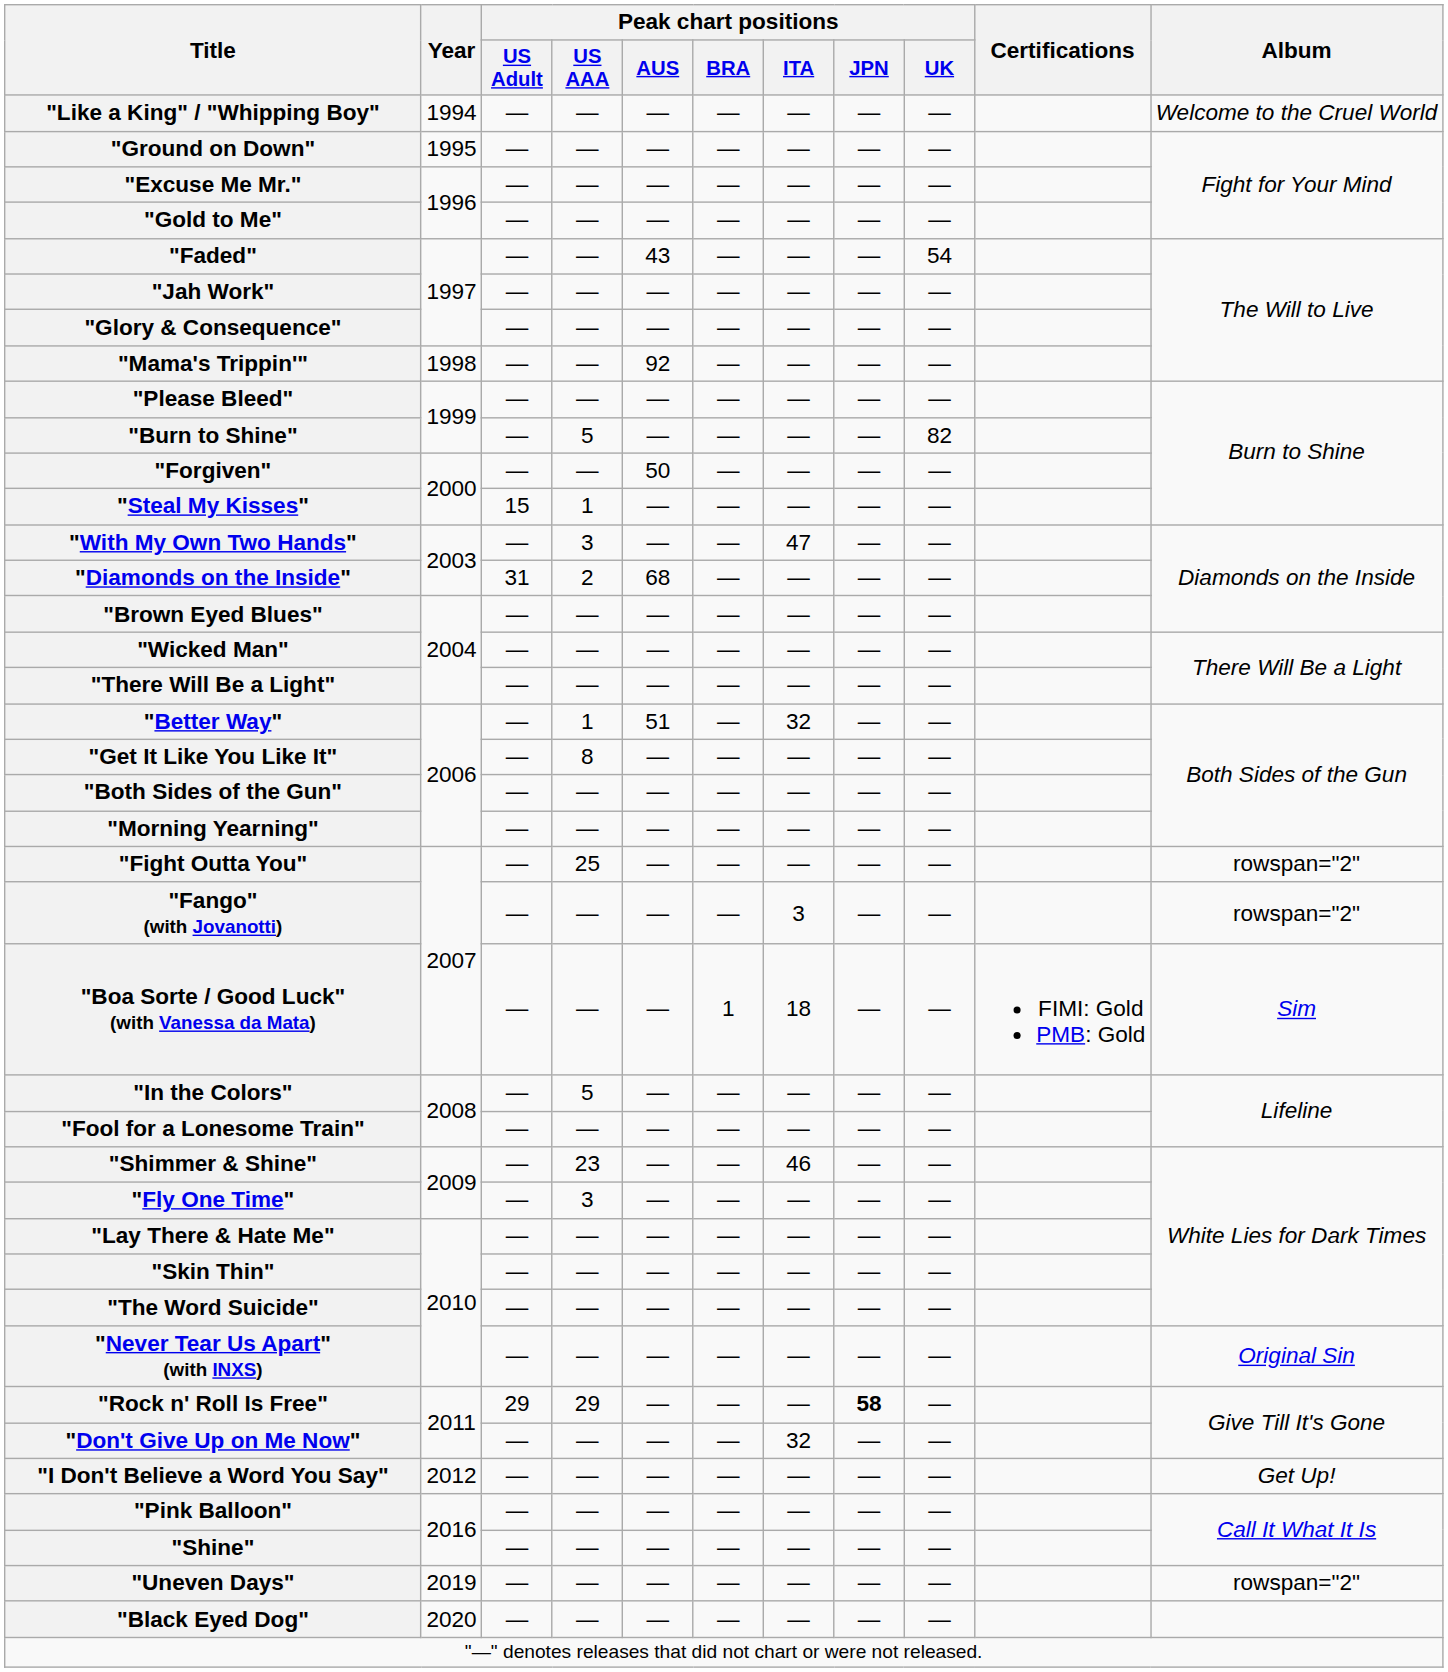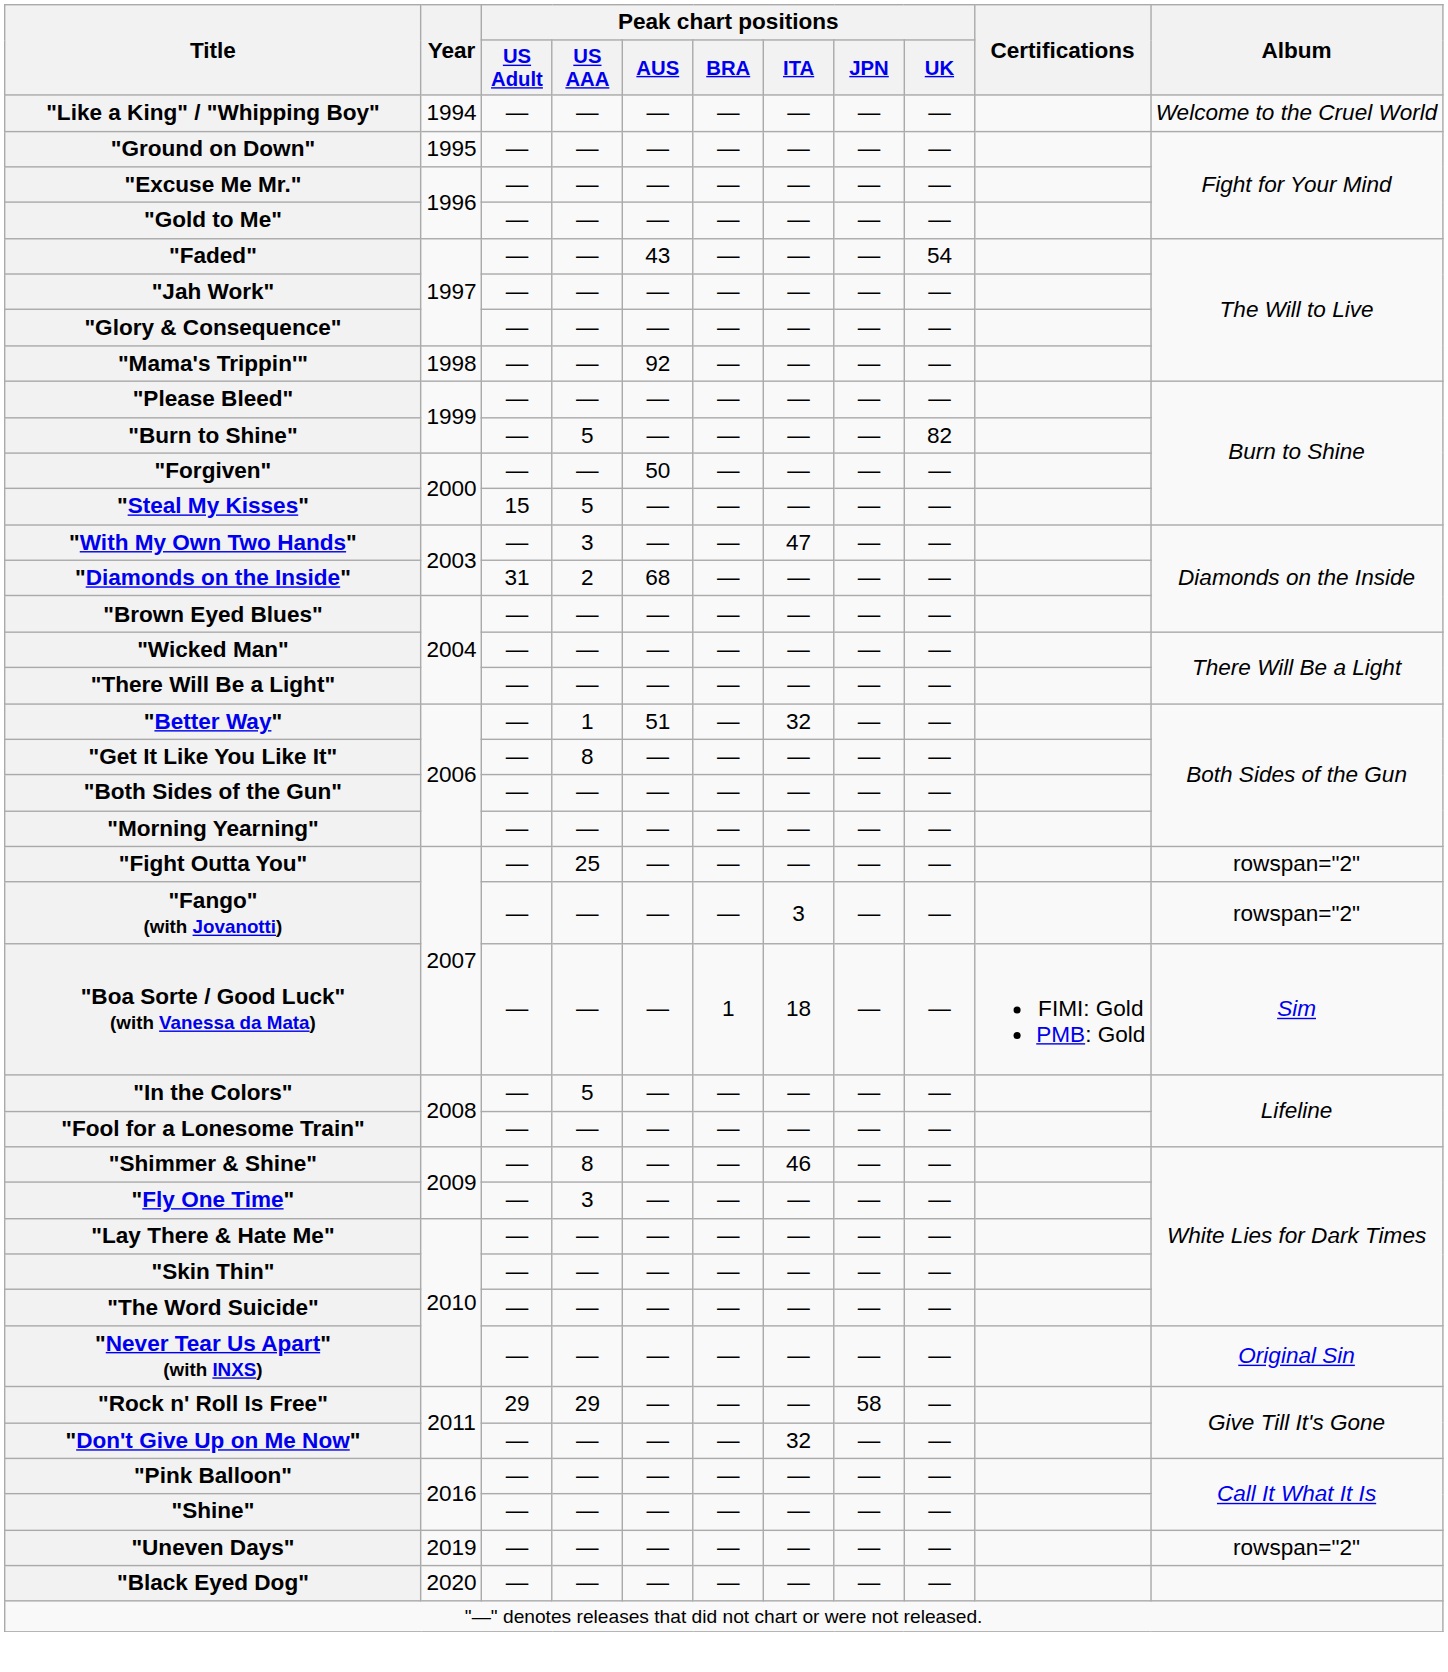 <table class="wikitable plainrowheaders" style="text-align:center;">
 <tr>
 <th scope="col" rowspan="2" style="width:18em;">Title</th>
 <th scope="col" rowspan="2">Year</th>
 <th scope="col" colspan="7">Peak chart positions</th>
 <th scope="col" rowspan="2">Certifications</th>
 <th scope="col" rowspan="2">Album</th>
 </tr>
 <tr>
 <th scope="col" style="width:3em;font-size:90%;"><a href='#'>US<br>Adult</a><br></th>
 <th scope="col" style="width:3em;font-size:90%;"><a href='#'>US<br> AAA</a><br></th>
 <th scope="col" style="width:3em;font-size:90%;"><a href='#'>AUS</a><br></th>
 <th scope="col" style="width:3em;font-size:90%;"><a href='#'>BRA</a></th>
 <th scope="col" style="width:3em;font-size:90%;"><a href='#'>ITA</a><br></th>
 <th scope="col" style="width:3em;font-size:90%;"><a href='#'>JPN</a><br></th>
 <th scope="col" style="width:3em;font-size:90%;"><a href='#'>UK</a><br></th>
 </tr>
 <tr>
 <th scope="row">"Like a King" / "Whipping Boy"</th>
 <td>1994</td>
 <td>—</td>
 <td>—</td>
 <td>—</td>
 <td>—</td>
 <td>—</td>
 <td>—</td>
 <td>—</td>
 <td></td>
 <td><em>Welcome to the Cruel World</em></td>
 </tr>
 <tr>
 <th scope="row">"Ground on Down"</th>
 <td>1995</td>
 <td>—</td>
 <td>—</td>
 <td>—</td>
 <td>—</td>
 <td>—</td>
 <td>—</td>
 <td>—</td>
 <td></td>
 <td rowspan="3"><em>Fight for Your Mind</em></td>
 </tr>
 <tr>
 <th scope="row">"Excuse Me Mr."</th>
 <td rowspan="2">1996</td>
 <td>—</td>
 <td>—</td>
 <td>—</td>
 <td>—</td>
 <td>—</td>
 <td>—</td>
 <td>—</td>
 <td></td>
 </tr>
 <tr>
 <th scope="row">"Gold to Me"</th>
 <td>—</td>
 <td>—</td>
 <td>—</td>
 <td>—</td>
 <td>—</td>
 <td>—</td>
 <td>—</td>
 <td></td>
 </tr>
 <tr>
 <th scope="row">"Faded"</th>
 <td rowspan="3">1997</td>
 <td>—</td>
 <td>—</td>
 <td>43</td>
 <td>—</td>
 <td>—</td>
 <td>—</td>
 <td>54</td>
 <td></td>
 <td rowspan="4"><em>The Will to Live</em></td>
 </tr>
 <tr>
 <th scope="row">"Jah Work"</th>
 <td>—</td>
 <td>—</td>
 <td>—</td>
 <td>—</td>
 <td>—</td>
 <td>—</td>
 <td>—</td>
 <td></td>
 </tr>
 <tr>
 <th scope="row">"Glory & Consequence"</th>
 <td>—</td>
 <td>—</td>
 <td>—</td>
 <td>—</td>
 <td>—</td>
 <td>—</td>
 <td>—</td>
 <td></td>
 </tr>
 <tr>
 <th scope="row">"Mama's Trippin'"</th>
 <td>1998</td>
 <td>—</td>
 <td>—</td>
 <td>92</td>
 <td>—</td>
 <td>—</td>
 <td>—</td>
 <td>—</td>
 <td></td>
 </tr>
 <tr>
 <th scope="row">"Please Bleed"</th>
 <td rowspan="2">1999</td>
 <td>—</td>
 <td>—</td>
 <td>—</td>
 <td>—</td>
 <td>—</td>
 <td>—</td>
 <td>—</td>
 <td></td>
 <td rowspan="4"><em>Burn to Shine</em></td>
 </tr>
 <tr>
 <th scope="row">"Burn to Shine"</th>
 <td>—</td>
 <td>5</td>
 <td>—</td>
 <td>—</td>
 <td>—</td>
 <td>—</td>
 <td>82</td>
 <td></td>
 </tr>
 <tr>
 <th scope="row">"Forgiven"</th>
 <td rowspan="2">2000</td>
 <td>—</td>
 <td>—</td>
 <td>50</td>
 <td>—</td>
 <td>—</td>
 <td>—</td>
 <td>—</td>
 <td></td>
 </tr>
 <tr>
 <th scope="row">"<a href='#'>Steal My Kisses</a>"</th>
 <td>15</td>
-<td>1</td>
+<td>5</td>
 <td>—</td>
 <td>—</td>
 <td>—</td>
 <td>—</td>
 <td>—</td>
 <td></td>
 </tr>
 <tr>
 <th scope="row">"<a href='#'>With My Own Two Hands</a>"</th>
 <td rowspan="2">2003</td>
 <td>—</td>
 <td>3</td>
 <td>—</td>
 <td>—</td>
 <td>47</td>
 <td>—</td>
 <td>—</td>
 <td></td>
 <td rowspan="3"><em>Diamonds on the Inside</em></td>
 </tr>
 <tr>
 <th scope="row">"<a href='#'>Diamonds on the Inside</a>"</th>
 <td>31</td>
 <td>2</td>
 <td>68</td>
 <td>—</td>
 <td>—</td>
 <td>—</td>
 <td>—</td>
 <td></td>
 </tr>
 <tr>
 <th scope="row">"Brown Eyed Blues"</th>
 <td rowspan="3">2004</td>
 <td>—</td>
 <td>—</td>
 <td>—</td>
 <td>—</td>
 <td>—</td>
 <td>—</td>
 <td>—</td>
 <td></td>
 </tr>
 <tr>
 <th scope="row">"Wicked Man"</th>
 <td>—</td>
 <td>—</td>
 <td>—</td>
 <td>—</td>
 <td>—</td>
 <td>—</td>
 <td>—</td>
 <td></td>
 <td rowspan="2"><em>There Will Be a Light</em></td>
 </tr>
 <tr>
 <th scope="row">"There Will Be a Light"</th>
 <td>—</td>
 <td>—</td>
 <td>—</td>
 <td>—</td>
 <td>—</td>
 <td>—</td>
 <td>—</td>
 <td></td>
 </tr>
 <tr>
 <th scope="row">"<a href='#'>Better Way</a>"</th>
 <td rowspan="4">2006</td>
 <td>—</td>
 <td>1</td>
 <td>51</td>
 <td>—</td>
 <td>32</td>
 <td>—</td>
 <td>—</td>
 <td></td>
 <td rowspan="4"><em>Both Sides of the Gun</em></td>
 </tr>
 <tr>
 <th scope="row">"Get It Like You Like It"</th>
 <td>—</td>
 <td>8</td>
 <td>—</td>
 <td>—</td>
 <td>—</td>
 <td>—</td>
 <td>—</td>
 <td></td>
 </tr>
 <tr>
 <th scope="row">"Both Sides of the Gun"</th>
 <td>—</td>
 <td>—</td>
 <td>—</td>
 <td>—</td>
 <td>—</td>
 <td>—</td>
 <td>—</td>
 <td></td>
 </tr>
 <tr>
 <th scope="row">"Morning Yearning"</th>
 <td>—</td>
 <td>—</td>
 <td>—</td>
 <td>—</td>
 <td>—</td>
 <td>—</td>
 <td>—</td>
 <td></td>
 </tr>
 <tr>
 <th scope="row">"Fight Outta You"</th>
 <td rowspan="3">2007</td>
 <td>—</td>
 <td>25</td>
 <td>—</td>
 <td>—</td>
 <td>—</td>
 <td>—</td>
 <td>—</td>
 <td></td>
 <td>rowspan="2" </td>
 </tr>
 <tr>
 <th scope="row">"Fango"<br><small>(with <a href='#'>Jovanotti</a>)</small></th>
 <td>—</td>
 <td>—</td>
 <td>—</td>
 <td>—</td>
 <td>3</td>
 <td>—</td>
 <td>—</td>
 <td></td>
 <td>rowspan="2" </td>
 </tr>
 <tr>
 <th scope="row">"Boa Sorte / Good Luck"<br><small>(with <a href='#'>Vanessa da Mata</a>)</small></th>
 <td>—</td>
 <td>—</td>
 <td>—</td>
 <td>1</td>
 <td>18</td>
 <td>—</td>
 <td>—</td>
 <td><br><ul><li>FIMI: Gold</li><li><a href='#'>PMB</a>: Gold</li></ul></td>
 <td><em><a href='#'>Sim</a></em></td>
 </tr>
 <tr>
 <th scope="row">"In the Colors"</th>
 <td rowspan="2">2008</td>
 <td>—</td>
 <td>5</td>
 <td>—</td>
 <td>—</td>
 <td>—</td>
 <td>—</td>
 <td>—</td>
 <td></td>
 <td rowspan="2"><em>Lifeline</em></td>
 </tr>
 <tr>
 <th scope="row">"Fool for a Lonesome Train"</th>
 <td>—</td>
 <td>—</td>
 <td>—</td>
 <td>—</td>
 <td>—</td>
 <td>—</td>
 <td>—</td>
 <td></td>
 </tr>
 <tr>
 <th scope="row">"Shimmer & Shine"</th>
 <td rowspan="2">2009</td>
 <td>—</td>
-<td>23</td>
+<td>8</td>
 <td>—</td>
 <td>—</td>
 <td>46</td>
 <td>—</td>
 <td>—</td>
 <td></td>
 <td rowspan="5"><em>White Lies for Dark Times</em></td>
 </tr>
 <tr>
 <th scope="row">"<a href='#'>Fly One Time</a>"</th>
 <td>—</td>
 <td>3</td>
 <td>—</td>
 <td>—</td>
 <td>—</td>
 <td>—</td>
 <td>—</td>
 <td></td>
 </tr>
 <tr>
 <th scope="row">"Lay There & Hate Me"</th>
 <td rowspan="4">2010</td>
 <td>—</td>
 <td>—</td>
 <td>—</td>
 <td>—</td>
 <td>—</td>
 <td>—</td>
 <td>—</td>
 <td></td>
 </tr>
 <tr>
 <th scope="row">"Skin Thin"</th>
 <td>—</td>
 <td>—</td>
 <td>—</td>
 <td>—</td>
 <td>—</td>
 <td>—</td>
 <td>—</td>
 <td></td>
 </tr>
 <tr>
 <th scope="row">"The Word Suicide"</th>
 <td>—</td>
 <td>—</td>
 <td>—</td>
 <td>—</td>
 <td>—</td>
 <td>—</td>
 <td>—</td>
 <td></td>
 </tr>
 <tr>
 <th scope="row">"<a href='#'>Never Tear Us Apart</a>"<br><small>(with <a href='#'>INXS</a>)</small></th>
 <td>—</td>
 <td>—</td>
 <td>—</td>
 <td>—</td>
 <td>—</td>
 <td>—</td>
 <td>—</td>
 <td></td>
 <td><em><a href='#'>Original Sin</a></em></td>
 </tr>
 <tr>
 <th scope="row">"Rock n' Roll Is Free"</th>
 <td rowspan="2">2011</td>
 <td>29</td>
 <td>29</td>
 <td>—</td>
 <td>—</td>
 <td>—</td>
-<td><strong>58</strong></td>
+<td>58</td>
 <td>—</td>
 <td></td>
 <td rowspan="2"><em>Give Till It's Gone</em></td>
 </tr>
 <tr>
 <th scope="row">"<a href='#'>Don't Give Up on Me Now</a>"</th>
 <td>—</td>
 <td>—</td>
 <td>—</td>
 <td>—</td>
 <td>32</td>
 <td>—</td>
 <td>—</td>
 <td></td>
-</tr>
-<tr>
-<th scope="row">"I Don't Believe a Word You Say"</th>
-<td>2012</td>
-<td>—</td>
-<td>—</td>
-<td>—</td>
-<td>—</td>
-<td>—</td>
-<td>—</td>
-<td>—</td>
-<td></td>
-<td><em>Get Up!</em></td>
 </tr>
 <tr>
 <th scope="row">"Pink Balloon"</th>
 <td rowspan="2">2016</td>
 <td>—</td>
 <td>—</td>
 <td>—</td>
 <td>—</td>
 <td>—</td>
 <td>—</td>
 <td>—</td>
 <td></td>
 <td rowspan="2"><em><a href='#'>Call It What It Is</a></em></td>
 </tr>
 <tr>
 <th scope="row">"Shine"</th>
 <td>—</td>
 <td>—</td>
 <td>—</td>
 <td>—</td>
 <td>—</td>
 <td>—</td>
 <td>—</td>
 <td></td>
 </tr>
 <tr>
 <th scope="row">"Uneven Days"</th>
 <td>2019</td>
 <td>—</td>
 <td>—</td>
 <td>—</td>
 <td>—</td>
 <td>—</td>
 <td>—</td>
 <td>—</td>
 <td></td>
 <td>rowspan="2" </td>
 </tr>
 <tr>
 <th scope="row">"Black Eyed Dog"</th>
 <td>2020</td>
 <td>—</td>
 <td>—</td>
 <td>—</td>
 <td>—</td>
 <td>—</td>
 <td>—</td>
 <td>—</td>
 <td></td>
 </tr>
 <tr>
 <td colspan="11" style="text-align:center; font-size:85%">"—" denotes releases that did not chart or were not released.</td>
 </tr>
 </table>
